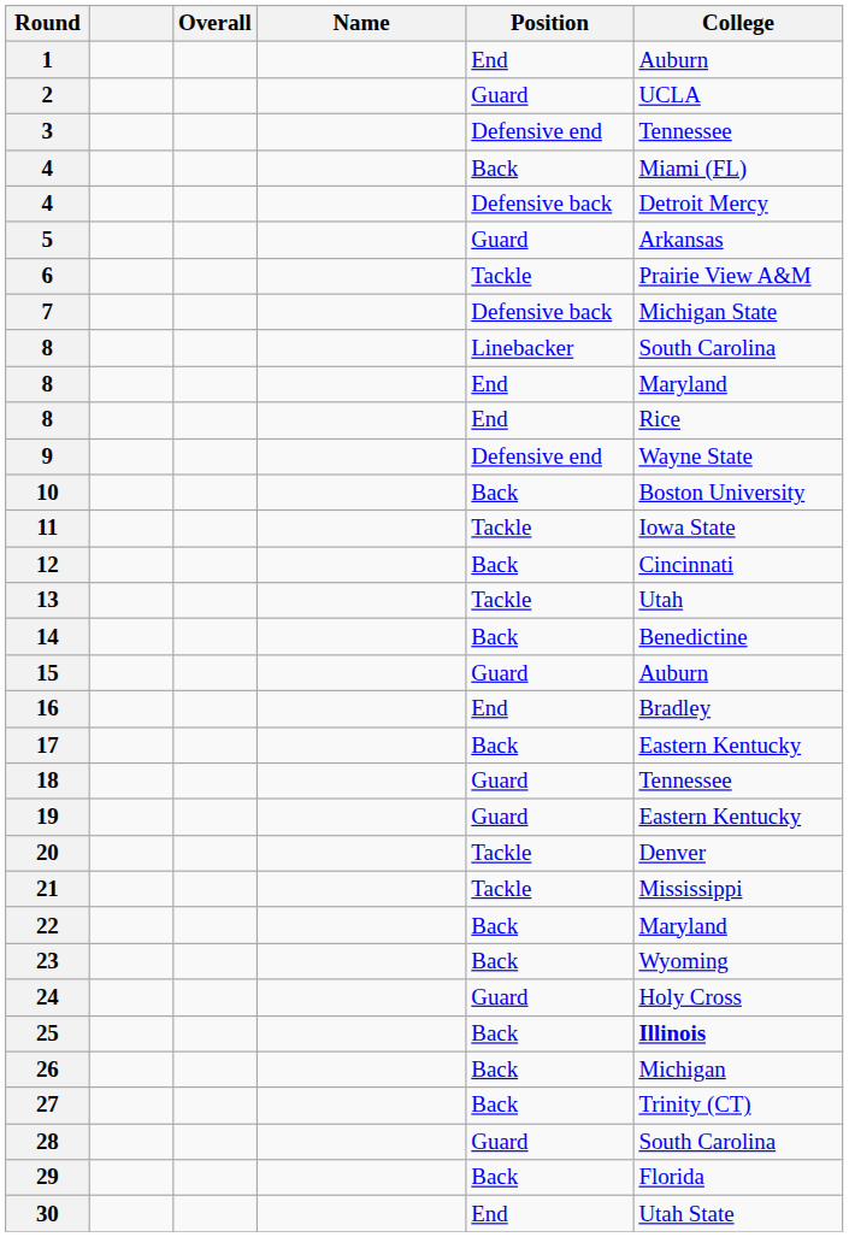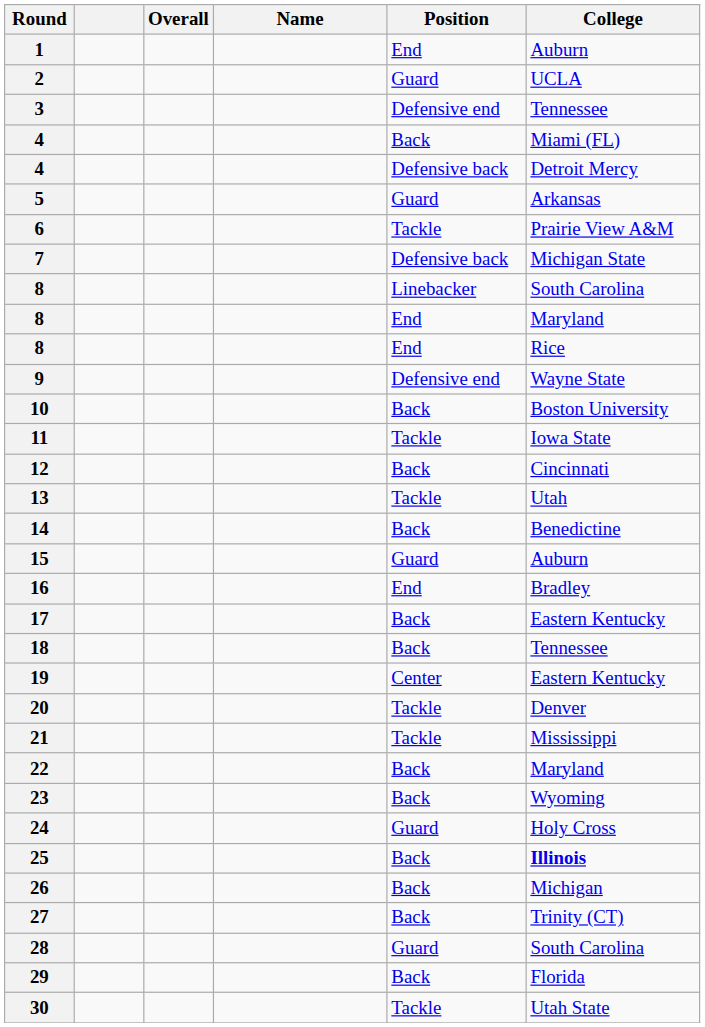 <table class="wikitable sortable">
 <tr>
 <th scope="col" style="width: 10%;">Round</th>
 <th scope="col" style="width: 10%;"></th>
 <th scope="col" style="width: 10%;">Overall</th>
 <th scope="col" style="width: 25%;">Name</th>
 <th scope="col" style="width: 20%;">Position</th>
 <th scope="col" style="width: 25%;">College</th>
 </tr>
 <tr>
 <th scope="row">1</th>
 <td></td>
 <td></td>
 <td></td>
 <td><a href='#'>End</a></td>
 <td><a href='#'>Auburn</a></td>
 </tr>
 <tr>
 <th scope="row">2</th>
 <td></td>
 <td></td>
 <td></td>
 <td><a href='#'>Guard</a></td>
 <td><a href='#'>UCLA</a></td>
 </tr>
 <tr>
 <th scope="row">3</th>
 <td></td>
 <td></td>
 <td></td>
 <td><a href='#'>Defensive end</a></td>
 <td><a href='#'>Tennessee</a></td>
 </tr>
 <tr>
 <th scope="row">4</th>
 <td></td>
 <td></td>
 <td></td>
 <td><a href='#'>Back</a></td>
 <td><a href='#'>Miami (FL)</a></td>
 </tr>
 <tr>
 <th scope="row">4</th>
 <td></td>
 <td></td>
 <td></td>
 <td><a href='#'>Defensive back</a></td>
 <td><a href='#'>Detroit Mercy</a></td>
 </tr>
 <tr>
 <th scope="row">5</th>
 <td></td>
 <td></td>
 <td></td>
 <td><a href='#'>Guard</a></td>
 <td><a href='#'>Arkansas</a></td>
 </tr>
 <tr>
 <th scope="row">6</th>
 <td></td>
 <td></td>
 <td></td>
 <td><a href='#'>Tackle</a></td>
 <td><a href='#'>Prairie View A&M</a></td>
 </tr>
 <tr>
 <th scope="row">7</th>
 <td></td>
 <td></td>
 <td></td>
 <td><a href='#'>Defensive back</a></td>
 <td><a href='#'>Michigan State</a></td>
 </tr>
 <tr>
 <th scope="row">8</th>
 <td></td>
 <td></td>
 <td></td>
 <td><a href='#'>Linebacker</a></td>
 <td><a href='#'>South Carolina</a></td>
 </tr>
 <tr>
 <th scope="row">8</th>
 <td></td>
 <td></td>
 <td></td>
 <td><a href='#'>End</a></td>
 <td><a href='#'>Maryland</a></td>
 </tr>
 <tr>
 <th scope="row">8</th>
 <td></td>
 <td></td>
 <td></td>
 <td><a href='#'>End</a></td>
 <td><a href='#'>Rice</a></td>
 </tr>
 <tr>
 <th scope="row">9</th>
 <td></td>
 <td></td>
 <td></td>
 <td><a href='#'>Defensive end</a></td>
 <td><a href='#'>Wayne State</a></td>
 </tr>
 <tr>
 <th scope="row">10</th>
 <td></td>
 <td></td>
 <td></td>
 <td><a href='#'>Back</a></td>
 <td><a href='#'>Boston University</a></td>
 </tr>
 <tr>
 <th scope="row">11</th>
 <td></td>
 <td></td>
 <td></td>
 <td><a href='#'>Tackle</a></td>
 <td><a href='#'>Iowa State</a></td>
 </tr>
 <tr>
 <th scope="row">12</th>
 <td></td>
 <td></td>
 <td></td>
 <td><a href='#'>Back</a></td>
 <td><a href='#'>Cincinnati</a></td>
 </tr>
 <tr>
 <th scope="row">13</th>
 <td></td>
 <td></td>
 <td></td>
 <td><a href='#'>Tackle</a></td>
 <td><a href='#'>Utah</a></td>
 </tr>
 <tr>
 <th scope="row">14</th>
 <td></td>
 <td></td>
 <td></td>
 <td><a href='#'>Back</a></td>
 <td><a href='#'>Benedictine</a></td>
 </tr>
 <tr>
 <th scope="row">15</th>
 <td></td>
 <td></td>
 <td></td>
 <td><a href='#'>Guard</a></td>
 <td><a href='#'>Auburn</a></td>
 </tr>
 <tr>
 <th scope="row">16</th>
 <td></td>
 <td></td>
 <td></td>
 <td><a href='#'>End</a></td>
 <td><a href='#'>Bradley</a></td>
 </tr>
 <tr>
 <th scope="row">17</th>
 <td></td>
 <td></td>
 <td></td>
 <td><a href='#'>Back</a></td>
 <td><a href='#'>Eastern Kentucky</a></td>
 </tr>
 <tr>
 <th scope="row">18</th>
 <td></td>
 <td></td>
 <td></td>
-<td><a href='#'>Guard</a></td>
+<td><a href='#'>Back</a></td>
 <td><a href='#'>Tennessee</a></td>
 </tr>
 <tr>
 <th scope="row">19</th>
 <td></td>
 <td></td>
 <td></td>
-<td><a href='#'>Guard</a></td>
+<td><a href='#'>Center</a></td>
 <td><a href='#'>Eastern Kentucky</a></td>
 </tr>
 <tr>
 <th scope="row">20</th>
 <td></td>
 <td></td>
 <td></td>
 <td><a href='#'>Tackle</a></td>
 <td><a href='#'>Denver</a></td>
 </tr>
 <tr>
 <th scope="row">21</th>
 <td></td>
 <td></td>
 <td></td>
 <td><a href='#'>Tackle</a></td>
 <td><a href='#'>Mississippi</a></td>
 </tr>
 <tr>
 <th scope="row">22</th>
 <td></td>
 <td></td>
 <td></td>
 <td><a href='#'>Back</a></td>
 <td><a href='#'>Maryland</a></td>
 </tr>
 <tr>
 <th scope="row">23</th>
 <td></td>
 <td></td>
 <td></td>
 <td><a href='#'>Back</a></td>
 <td><a href='#'>Wyoming</a></td>
 </tr>
 <tr>
 <th scope="row">24</th>
 <td></td>
 <td></td>
 <td></td>
 <td><a href='#'>Guard</a></td>
 <td><a href='#'>Holy Cross</a></td>
 </tr>
 <tr>
 <th scope="row">25</th>
 <td></td>
 <td></td>
 <td></td>
 <td><a href='#'>Back</a></td>
 <td><strong><a href='#'>Illinois</a></strong></td>
 </tr>
 <tr>
 <th scope="row">26</th>
 <td></td>
 <td></td>
 <td></td>
 <td><a href='#'>Back</a></td>
 <td><a href='#'>Michigan</a></td>
 </tr>
 <tr>
 <th scope="row">27</th>
 <td></td>
 <td></td>
 <td></td>
 <td><a href='#'>Back</a></td>
 <td><a href='#'>Trinity (CT)</a></td>
 </tr>
 <tr>
 <th scope="row">28</th>
 <td></td>
 <td></td>
 <td></td>
 <td><a href='#'>Guard</a></td>
 <td><a href='#'>South Carolina</a></td>
 </tr>
 <tr>
 <th scope="row">29</th>
 <td></td>
 <td></td>
 <td></td>
 <td><a href='#'>Back</a></td>
 <td><a href='#'>Florida</a></td>
 </tr>
 <tr>
 <th scope="row">30</th>
 <td></td>
 <td></td>
 <td></td>
-<td><a href='#'>End</a></td>
+<td><a href='#'>Tackle</a></td>
 <td><a href='#'>Utah State</a></td>
 </tr>
 </table>
